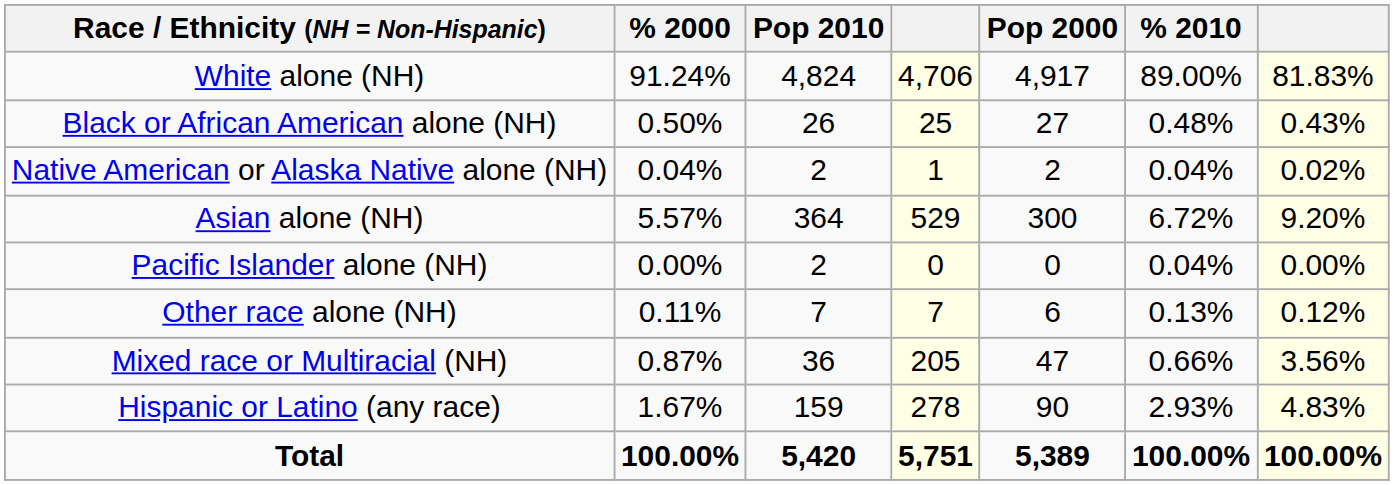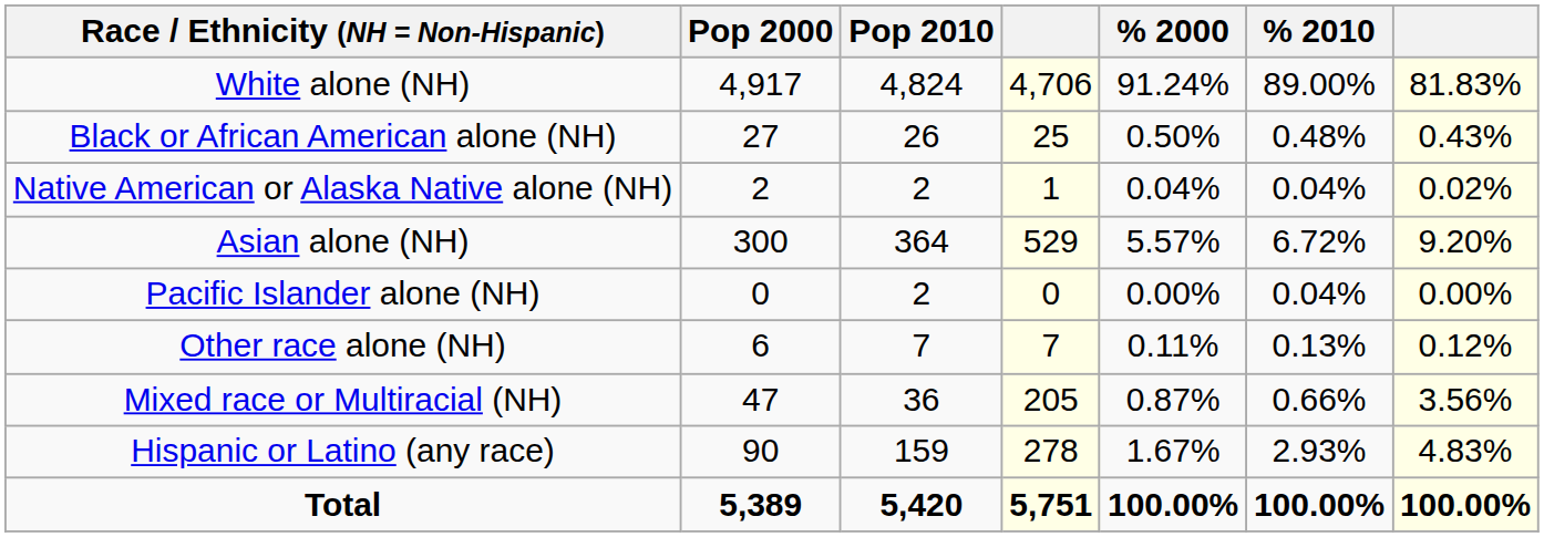 <table class="wikitable" style="text-align:center;">
 <tr>
 <th>Race / Ethnicity <small>(<em>NH = Non-Hispanic</em>)</small></th>
-<th>% 2000</th>
+<th>Pop 2000</th>
 <th>Pop 2010</th>
 <th></th>
-<th>Pop 2000</th>
+<th>% 2000</th>
 <th>% 2010</th>
 <th></th>
 </tr>
 <tr>
 <td><a href='#'>White</a> alone (NH)</td>
-<td>91.24%</td>
+<td>4,917</td>
 <td>4,824</td>
 <td style='background: #ffffe6;'>4,706</td>
-<td>4,917</td>
+<td>91.24%</td>
 <td>89.00%</td>
 <td style='background: #ffffe6;'>81.83%</td>
 </tr>
 <tr>
 <td><a href='#'>Black or African American</a> alone (NH)</td>
-<td>0.50%</td>
+<td>27</td>
 <td>26</td>
 <td style='background: #ffffe6;'>25</td>
-<td>27</td>
+<td>0.50%</td>
 <td>0.48%</td>
 <td style='background: #ffffe6;'>0.43%</td>
 </tr>
 <tr>
 <td><a href='#'>Native American</a> or <a href='#'>Alaska Native</a> alone (NH)</td>
-<td>0.04%</td>
+<td>2</td>
 <td>2</td>
 <td style='background: #ffffe6;'>1</td>
-<td>2</td>
+<td>0.04%</td>
 <td>0.04%</td>
 <td style='background: #ffffe6;'>0.02%</td>
 </tr>
 <tr>
 <td><a href='#'>Asian</a> alone (NH)</td>
-<td>5.57%</td>
+<td>300</td>
 <td>364</td>
 <td style='background: #ffffe6;'>529</td>
-<td>300</td>
+<td>5.57%</td>
 <td>6.72%</td>
 <td style='background: #ffffe6;'>9.20%</td>
 </tr>
 <tr>
 <td><a href='#'>Pacific Islander</a> alone (NH)</td>
-<td>0.00%</td>
+<td>0</td>
 <td>2</td>
 <td style='background: #ffffe6;'>0</td>
-<td>0</td>
+<td>0.00%</td>
 <td>0.04%</td>
 <td style='background: #ffffe6;'>0.00%</td>
 </tr>
 <tr>
 <td><a href='#'>Other race</a> alone (NH)</td>
-<td>0.11%</td>
+<td>6</td>
 <td>7</td>
 <td style='background: #ffffe6;'>7</td>
-<td>6</td>
+<td>0.11%</td>
 <td>0.13%</td>
 <td style='background: #ffffe6;'>0.12%</td>
 </tr>
 <tr>
 <td><a href='#'>Mixed race or Multiracial</a> (NH)</td>
-<td>0.87%</td>
+<td>47</td>
 <td>36</td>
 <td style='background: #ffffe6;'>205</td>
-<td>47</td>
+<td>0.87%</td>
 <td>0.66%</td>
 <td style='background: #ffffe6;'>3.56%</td>
 </tr>
 <tr>
 <td><a href='#'>Hispanic or Latino</a> (any race)</td>
-<td>1.67%</td>
+<td>90</td>
 <td>159</td>
 <td style='background: #ffffe6;'>278</td>
-<td>90</td>
+<td>1.67%</td>
 <td>2.93%</td>
 <td style='background: #ffffe6;'>4.83%</td>
 </tr>
 <tr>
 <td><strong>Total</strong></td>
-<td><strong>100.00%</strong></td>
+<td><strong>5,389</strong></td>
 <td><strong>5,420</strong></td>
 <td style='background: #ffffe6;'><strong>5,751</strong></td>
-<td><strong>5,389</strong></td>
+<td><strong>100.00%</strong></td>
 <td><strong>100.00%</strong></td>
 <td style='background: #ffffe6;'><strong>100.00%</strong></td>
 </tr>
 </table>
